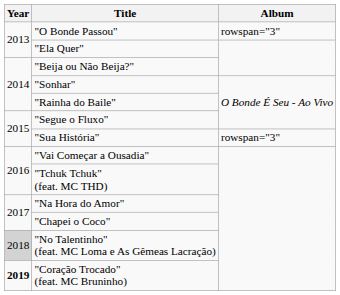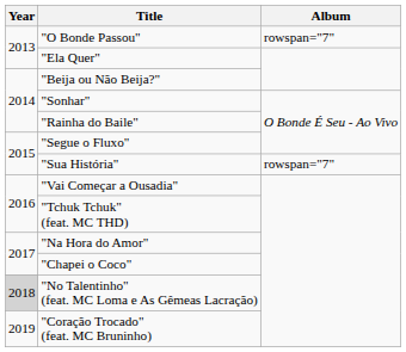 <table class="wikitable">
 <tr>
 <th>Year</th>
 <th>Title</th>
 <th>Album</th>
 </tr>
 <tr>
 <td rowspan="2">2013</td>
 <td>"O Bonde Passou"</td>
-<td>rowspan="3" </td>
+<td>rowspan="7" </td>
 </tr>
 <tr>
 <td>"Ela Quer"</td>
 </tr>
 <tr>
 <td rowspan="3">2014</td>
 <td>"Beija ou Não Beija?"</td>
 </tr>
 <tr>
 <td>"Sonhar"</td>
 <td align="center" rowspan="3"><em>O Bonde É Seu - Ao Vivo</em></td>
 </tr>
 <tr>
 <td>"Rainha do Baile"<br></td>
 </tr>
 <tr>
 <td rowspan="2">2015</td>
 <td>"Segue o Fluxo"<br></td>
 </tr>
 <tr>
 <td>"Sua História"</td>
-<td>rowspan="3" </td>
+<td>rowspan="7" </td>
 </tr>
 <tr>
 <td rowspan="2">2016</td>
 <td>"Vai Começar a Ousadia"</td>
 </tr>
 <tr>
 <td>"Tchuk Tchuk" <br><span>(feat. MC THD)</span></td>
 </tr>
 <tr>
 <td rowspan="2">2017</td>
 <td>"Na Hora do Amor"</td>
 </tr>
 <tr>
 <td>"Chapei o Coco"</td>
 </tr>
 <tr>
 <td style="background: lightgrey;">2018</td>
 <td>"No Talentinho" <br><span>(feat. MC Loma e As Gêmeas Lacração)</span></td>
 </tr>
 <tr>
-<td><strong>2019</strong></td>
+<td>2019</td>
 <td>"Coração Trocado" <br><span>(feat. MC Bruninho)</span></td>
 </tr>
 </table>
